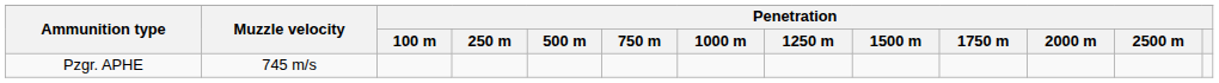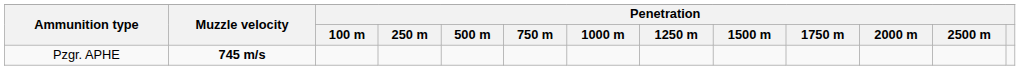 <table class="wikitable" style="text-align:right; width: 100%">
 <tr>
 </tr>
 <tr>
 <th rowspan="2">Ammunition type</th>
 <th rowspan="2">Muzzle velocity</th>
 <th colspan="11">Penetration</th>
 </tr>
 <tr>
 <th>100 m</th>
 <th>250 m</th>
 <th>500 m</th>
 <th>750 m</th>
 <th>1000 m</th>
 <th>1250 m</th>
 <th>1500 m</th>
 <th>1750 m</th>
 <th>2000 m</th>
 <th>2500 m</th>
 <th></th>
 </tr>
 <tr>
 <td style="text-align:center">Pzgr. APHE</td>
-<td style="text-align:center">745 m/s</td>
+<td style="text-align:center"><strong>745 m/s</strong></td>
 <td></td>
 <td></td>
 <td></td>
 <td></td>
 <td></td>
 <td></td>
 <td></td>
 <td></td>
 <td></td>
 <td></td>
 <td></td>
 </tr>
 </table>
